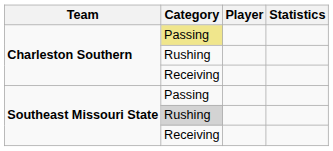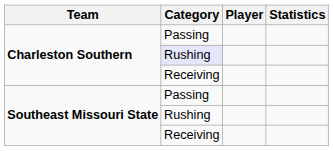 <table class="wikitable" style="float: right;">
 <tr>
 <th>Team</th>
 <th>Category</th>
 <th>Player</th>
 <th>Statistics</th>
 </tr>
 <tr>
 <td rowspan=3><strong>Charleston Southern</strong></td>
-<td style="background: khaki;">Passing</td>
+<td>Passing</td>
 <td></td>
 <td></td>
 </tr>
 <tr>
-<td>Rushing</td>
+<td style="background: lavender;">Rushing</td>
 <td></td>
 <td></td>
 </tr>
 <tr>
 <td>Receiving</td>
 <td></td>
 <td></td>
 </tr>
 <tr>
 <td rowspan=3><strong>Southeast Missouri State</strong></td>
 <td>Passing</td>
 <td></td>
 <td></td>
 </tr>
 <tr>
-<td style="background: lightgrey;">Rushing</td>
+<td>Rushing</td>
 <td></td>
 <td></td>
 </tr>
 <tr>
 <td>Receiving</td>
 <td></td>
 <td></td>
 </tr>
 </table>
